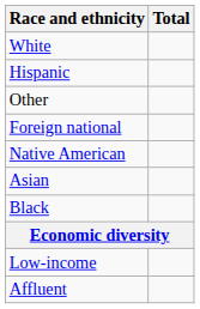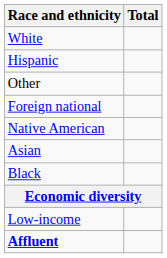 <table class="wikitable floatright sortable collapsible"; text-align:right; font-size:80%;">
 <tr>
 <th>Race and ethnicity</th>
 <th colspan="2" data-sort-type=number>Total</th>
 </tr>
 <tr>
 <td><a href='#'>White</a></td>
 <td align=right></td>
 </tr>
 <tr>
 <td><a href='#'>Hispanic</a></td>
 <td align=right></td>
 </tr>
 <tr>
 <td>Other</td>
 <td align=right></td>
 </tr>
 <tr>
 <td><a href='#'>Foreign national</a></td>
 <td align=right></td>
 </tr>
 <tr>
 <td><a href='#'>Native American</a></td>
 <td align=right></td>
 </tr>
 <tr>
 <td><a href='#'>Asian</a></td>
 <td align=right></td>
 </tr>
 <tr>
 <td><a href='#'>Black</a></td>
 <td align=right></td>
 </tr>
 <tr>
 <th colspan="4" data-sort-type=number><a href='#'>Economic diversity</a></th>
 </tr>
 <tr>
 <td><a href='#'>Low-income</a></td>
 <td align=right></td>
 </tr>
 <tr>
-<td><a href='#'>Affluent</a></td>
+<td><strong><a href='#'>Affluent</a></strong></td>
 <td align=right></td>
 </tr>
 </table>
